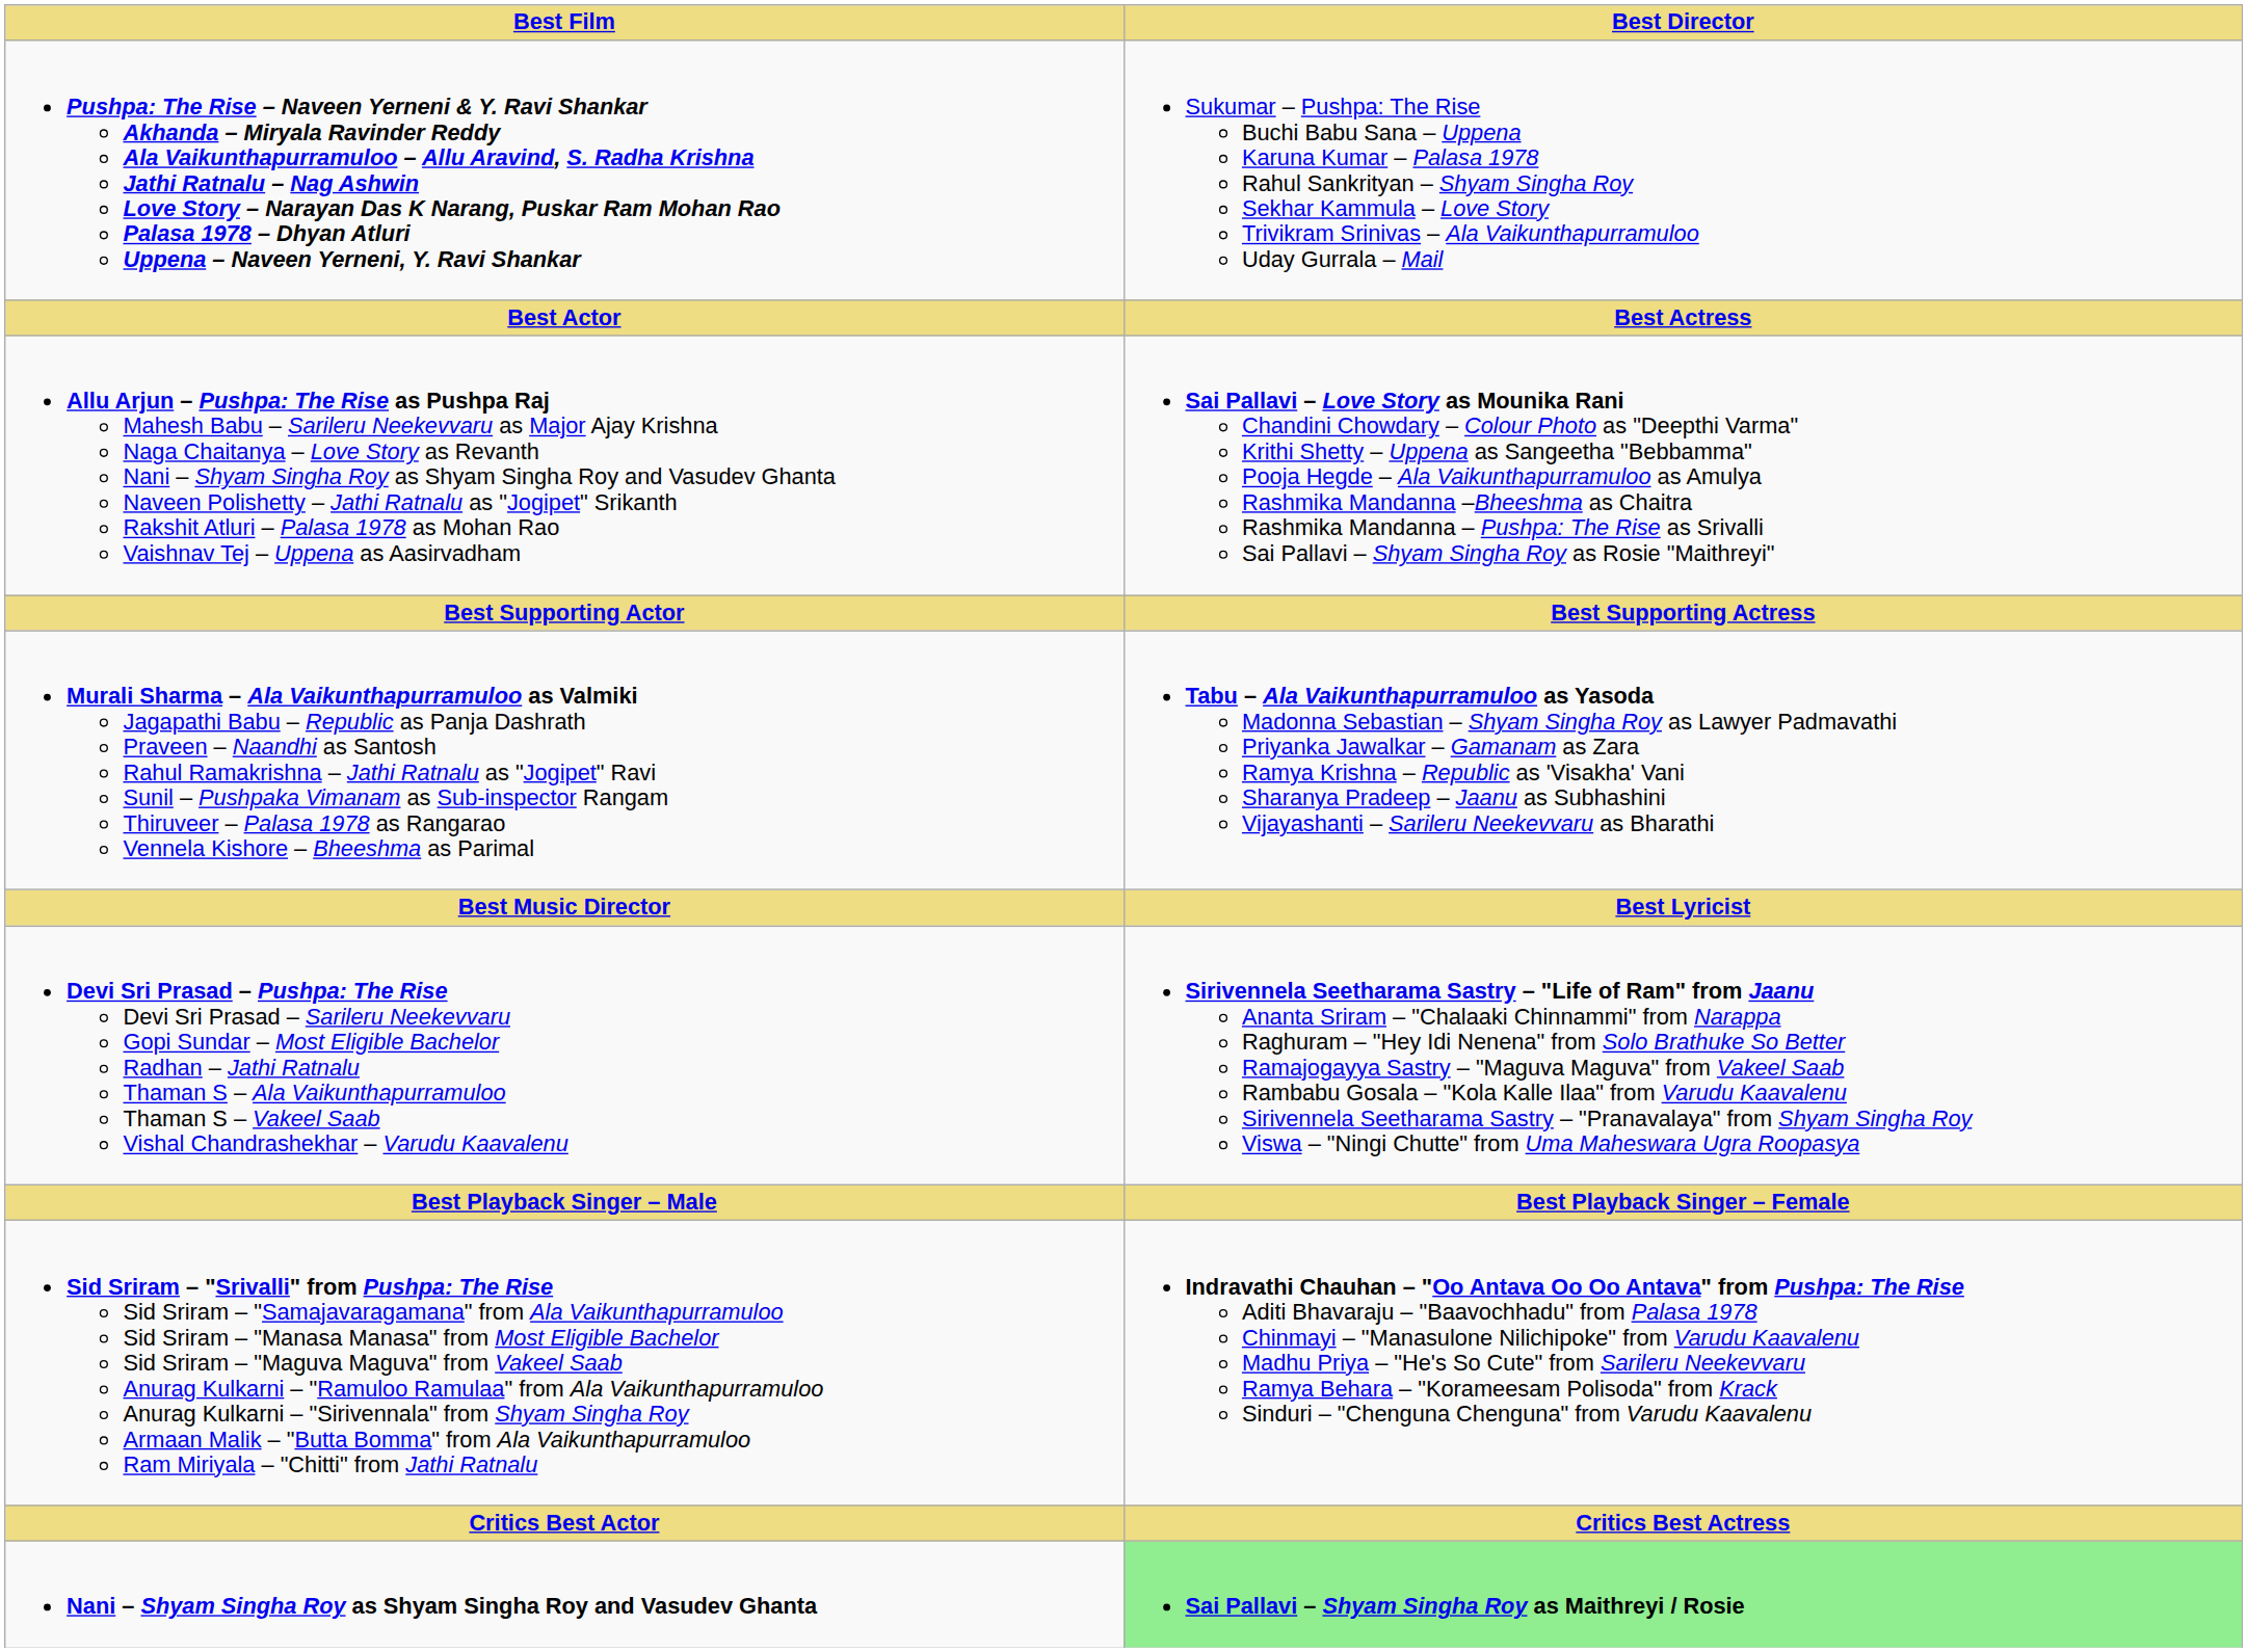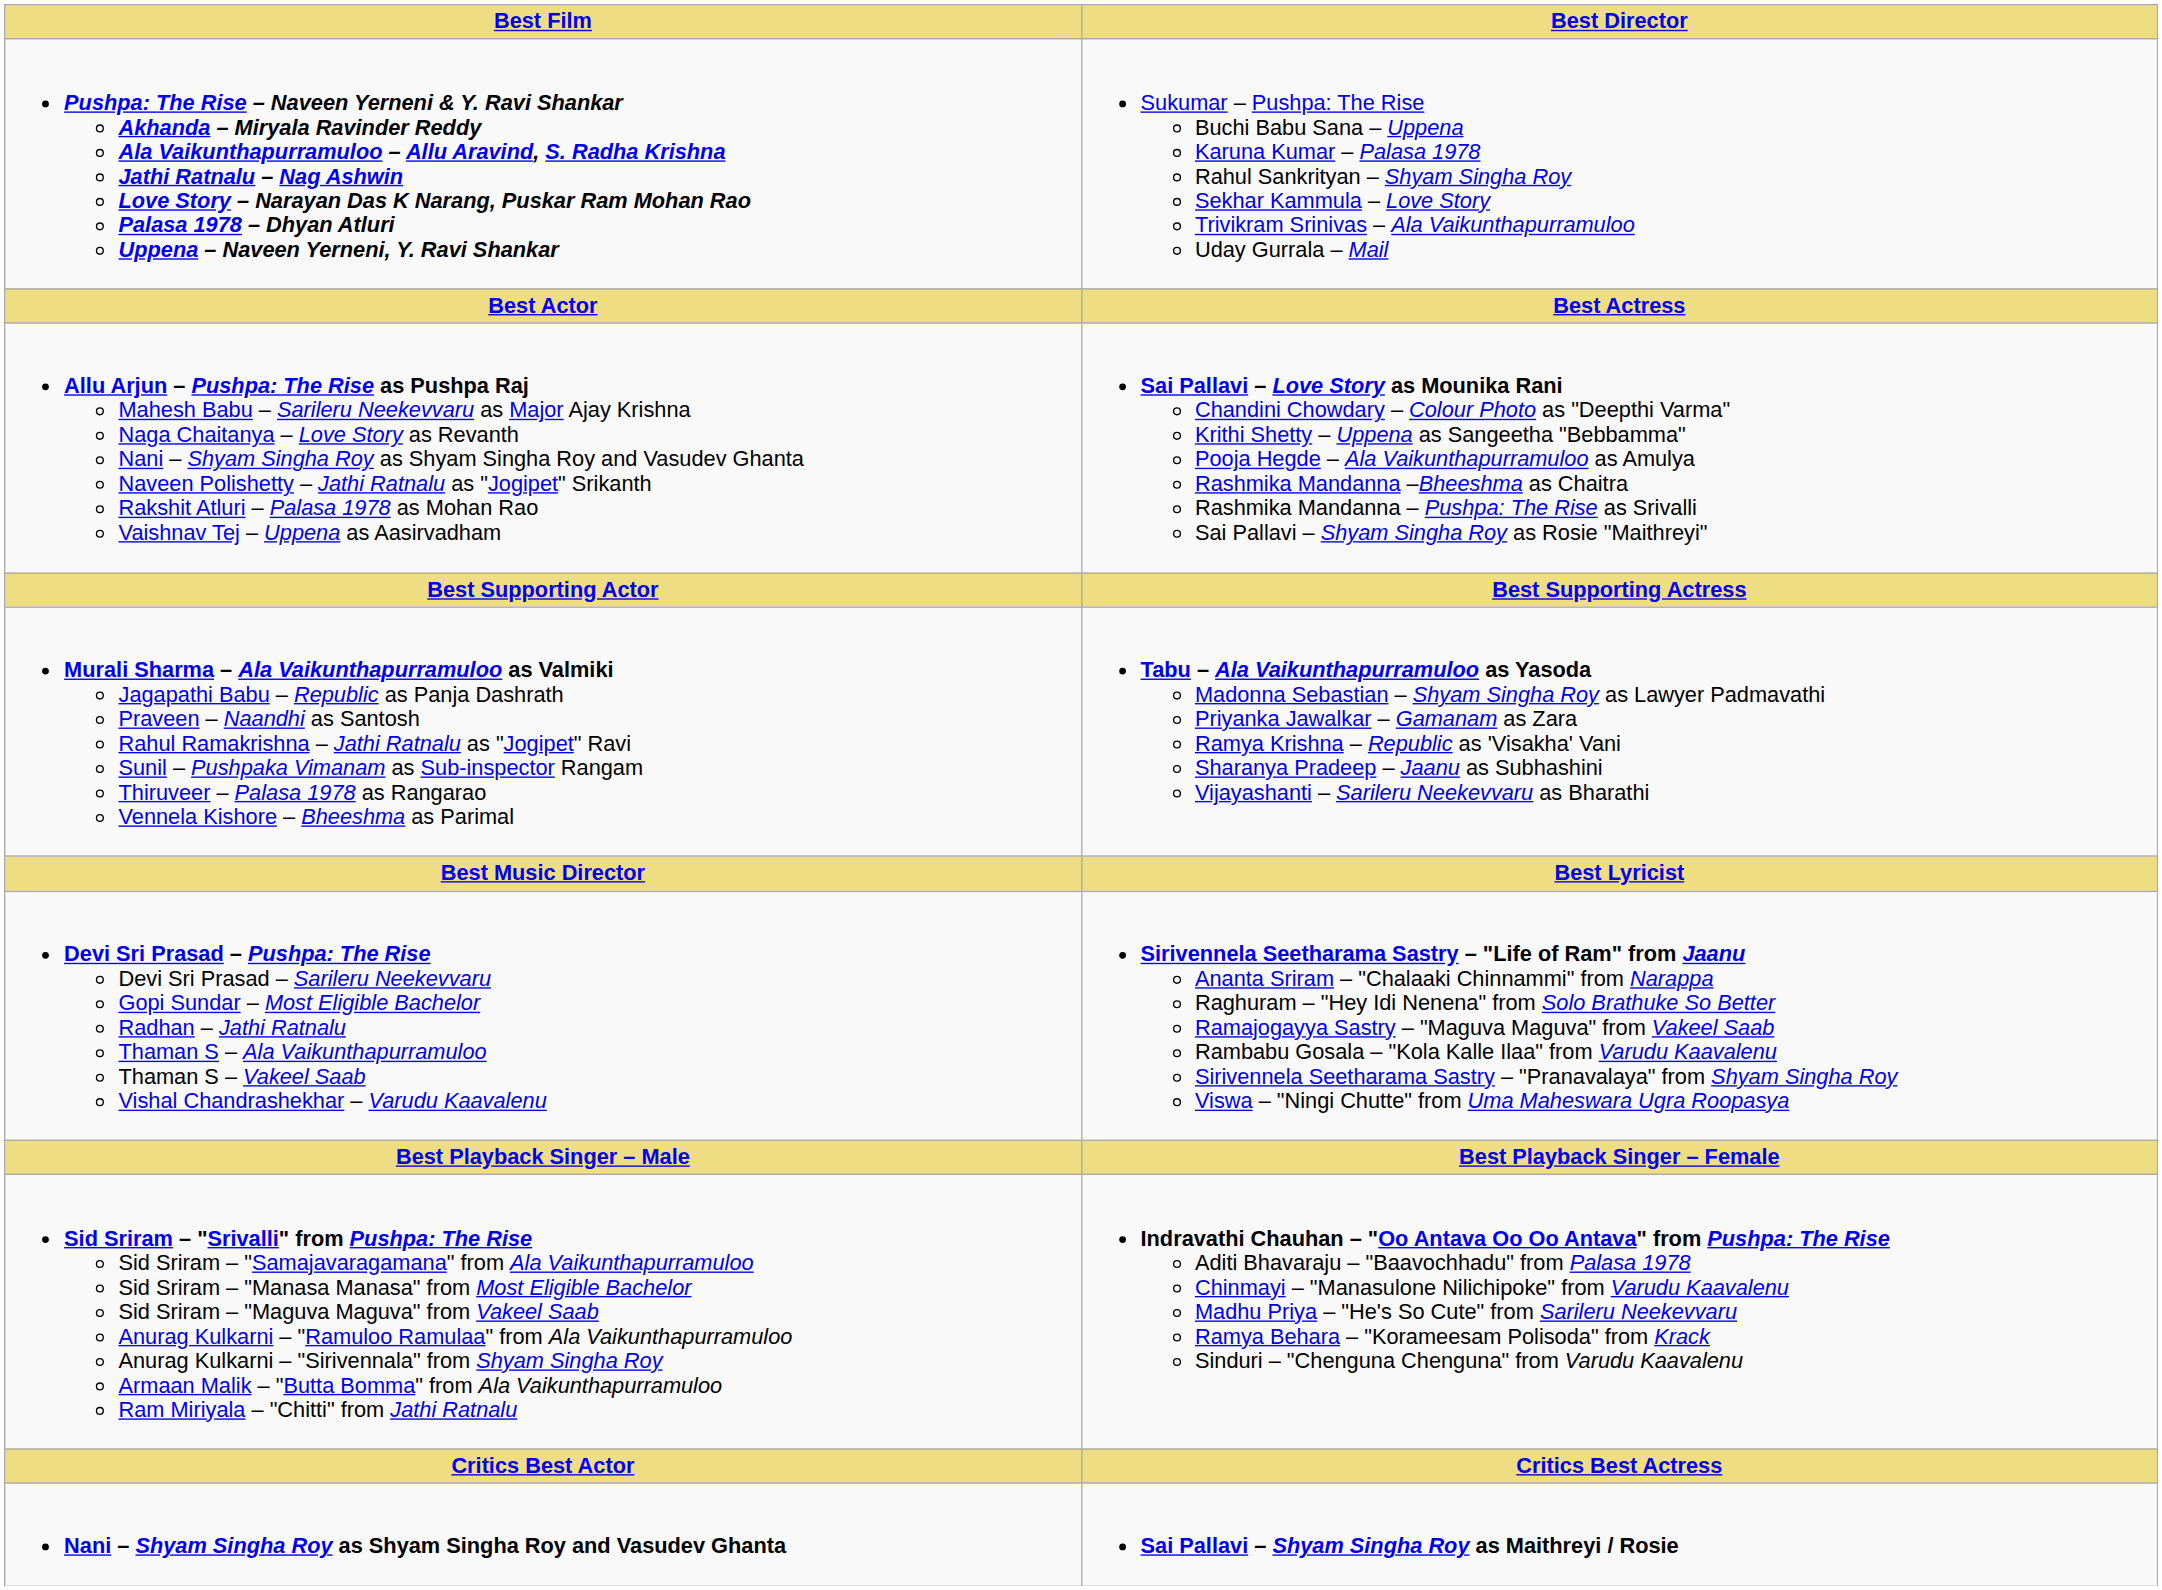 <table class="wikitable" width=100% |>
 <tr>
 <th ! style="background:#eedd82; text-align:center; width:50%;"><a href='#'>Best Film</a></th>
 <th ! style="background:#eedd82; text-align:center; width:50%;"><a href='#'>Best Director</a></th>
 </tr>
 <tr>
 <td valign="top"><br><ul><li><strong><em><a href='#'>Pushpa: The Rise</a><em> – Naveen Yerneni & Y. Ravi Shankar<strong><ul><li></em><a href='#'>Akhanda</a><em> – Miryala Ravinder Reddy</li><li></em><a href='#'>Ala Vaikunthapurramuloo</a><em> – <a href='#'>Allu Aravind</a>, <a href='#'>S. Radha Krishna</a></li><li></em><a href='#'>Jathi Ratnalu</a><em> – <a href='#'>Nag Ashwin</a></li><li><a href='#'></em>Love Story<em></a> – Narayan Das K Narang, Puskar Ram Mohan Rao</li><li></em><a href='#'>Palasa 1978</a><em> – Dhyan Atluri</li><li></em><a href='#'>Uppena</a><em> – Naveen Yerneni, Y. Ravi Shankar</li></ul></li></ul></td>
 <td valign="top"><br><ul><li></strong><a href='#'>Sukumar</a> – </em><a href='#'>Pushpa: The Rise</a></em></strong><ul><li>Buchi Babu Sana – <em><a href='#'>Uppena</a></em></li><li><a href='#'>Karuna Kumar</a> – <em><a href='#'>Palasa 1978</a></em></li><li>Rahul Sankrityan – <em><a href='#'>Shyam Singha Roy</a></em></li><li><a href='#'>Sekhar Kammula</a> – <a href='#'><em>Love Story</em></a></li><li><a href='#'>Trivikram Srinivas</a> – <em><a href='#'>Ala Vaikunthapurramuloo</a></em></li><li>Uday Gurrala – <a href='#'><em>Mail</em></a></li></ul></li></ul></td>
 </tr>
 <tr>
 <th ! style="background:#eedd82; text-align:center;"><a href='#'>Best Actor</a></th>
 <th ! style="background:#eedd82; text-align:center;"><a href='#'>Best Actress</a></th>
 </tr>
 <tr>
 <td valign="top"><br><ul><li><strong><a href='#'>Allu Arjun</a> – <em><a href='#'>Pushpa: The Rise</a></em> as Pushpa Raj</strong><ul><li><a href='#'>Mahesh Babu</a> – <em><a href='#'>Sarileru Neekevvaru</a></em> as <a href='#'>Major</a> Ajay Krishna</li><li><a href='#'>Naga Chaitanya</a> – <a href='#'><em>Love Story</em></a> as Revanth</li><li><a href='#'>Nani</a> – <em><a href='#'>Shyam Singha Roy</a></em> as Shyam Singha Roy and Vasudev Ghanta</li><li><a href='#'>Naveen Polishetty</a> – <em><a href='#'>Jathi Ratnalu</a></em> as "<a href='#'>Jogipet</a>" Srikanth</li><li><a href='#'>Rakshit Atluri</a> – <em><a href='#'>Palasa 1978</a></em> as Mohan Rao</li><li><a href='#'>Vaishnav Tej</a> – <em><a href='#'>Uppena</a></em> as Aasirvadham</li></ul></li></ul></td>
 <td valign="top"><br><ul><li><strong><a href='#'>Sai Pallavi</a> – <a href='#'><em>Love Story</em></a> as Mounika Rani</strong><ul><li><a href='#'>Chandini Chowdary</a> – <em><a href='#'>Colour Photo</a></em> as "Deepthi Varma"</li><li><a href='#'>Krithi Shetty</a> – <em><a href='#'>Uppena</a></em> as Sangeetha "Bebbamma"</li><li><a href='#'>Pooja Hegde</a> – <em><a href='#'>Ala Vaikunthapurramuloo</a></em> as Amulya</li><li><a href='#'>Rashmika Mandanna</a> –<a href='#'><em>Bheeshma</em></a> as Chaitra</li><li>Rashmika Mandanna – <em><a href='#'>Pushpa: The Rise</a></em> as Srivalli</li><li>Sai Pallavi – <em><a href='#'>Shyam Singha Roy</a></em> as Rosie "Maithreyi"</li></ul></li></ul></td>
 </tr>
 <tr>
 <th ! style="background:#eedd82; text-align:center;"><a href='#'>Best Supporting Actor</a></th>
 <th ! style="background:#eedd82; text-align:center;"><a href='#'>Best Supporting Actress</a></th>
 </tr>
 <tr>
 <td valign="top"><br><ul><li><strong><a href='#'>Murali Sharma</a></strong> <strong>– <em><a href='#'>Ala Vaikunthapurramuloo</a></em> as Valmiki</strong><ul><li><a href='#'>Jagapathi Babu</a> – <a href='#'><em>Republic</em></a> as Panja Dashrath</li><li><a href='#'>Praveen</a> – <em><a href='#'>Naandhi</a></em> as Santosh</li><li><a href='#'>Rahul Ramakrishna</a> – <em><a href='#'>Jathi Ratnalu</a></em> as "<a href='#'>Jogipet</a>" Ravi</li><li><a href='#'>Sunil</a> – <em><a href='#'>Pushpaka Vimanam</a></em> as <a href='#'>Sub-inspector</a> Rangam</li><li><a href='#'>Thiruveer</a> – <em><a href='#'>Palasa 1978</a></em> as Rangarao</li><li><a href='#'>Vennela Kishore</a> – <a href='#'><em>Bheeshma</em></a> as Parimal</li></ul></li></ul></td>
 <td valign="top"><br><ul><li><a href='#'><strong>Tabu</strong></a> <strong>– <em><a href='#'>Ala Vaikunthapurramuloo</a></em> as Yasoda</strong><ul><li><a href='#'>Madonna Sebastian</a> – <em><a href='#'>Shyam Singha Roy</a></em> as Lawyer Padmavathi</li><li><a href='#'>Priyanka Jawalkar</a> – <a href='#'><em>Gamanam</em></a> as Zara</li><li><a href='#'>Ramya Krishna</a> – <a href='#'><em>Republic</em></a> as 'Visakha' Vani</li><li><a href='#'>Sharanya Pradeep</a> – <a href='#'><em>Jaanu</em></a> as Subhashini</li><li><a href='#'>Vijayashanti</a> – <em><a href='#'>Sarileru Neekevvaru</a></em> as Bharathi</li></ul></li></ul></td>
 </tr>
 <tr>
 <th ! style="background:#eedd82; text-align:center;"><a href='#'>Best Music Director</a></th>
 <th ! style="background:#eedd82; text-align:center;"><a href='#'>Best Lyricist</a></th>
 </tr>
 <tr>
 <td valign="top"><br><ul><li><strong><a href='#'>Devi Sri Prasad</a></strong> <strong>– <a href='#'><em>Pushpa: The Rise</em></a></strong><ul><li>Devi Sri Prasad – <em><a href='#'>Sarileru Neekevvaru</a></em></li><li><a href='#'>Gopi Sundar</a> – <em><a href='#'>Most Eligible Bachelor</a></em></li><li><a href='#'>Radhan</a> – <em><a href='#'>Jathi Ratnalu</a></em></li><li><a href='#'>Thaman S</a> – <a href='#'><em>Ala Vaikunthapurramuloo</em></a></li><li>Thaman S – <em><a href='#'>Vakeel Saab</a></em></li><li><a href='#'>Vishal Chandrashekhar</a> – <em><a href='#'>Varudu Kaavalenu</a></em></li></ul></li></ul></td>
 <td valign="top"><br><ul><li><strong><a href='#'>Sirivennela Seetharama Sastry</a></strong> <strong>– "Life of Ram" from <a href='#'><em>Jaanu</em></a></strong><ul><li><a href='#'>Ananta Sriram</a> – "Chalaaki Chinnammi" from <em><a href='#'>Narappa</a></em></li><li>Raghuram – "Hey Idi Nenena" from <em><a href='#'>Solo Brathuke So Better</a></em></li><li><a href='#'>Ramajogayya Sastry</a> – "Maguva Maguva" from <em><a href='#'>Vakeel Saab</a></em></li><li>Rambabu Gosala – "Kola Kalle Ilaa" from <em><a href='#'>Varudu Kaavalenu</a></em></li><li><a href='#'>Sirivennela Seetharama Sastry</a> – "Pranavalaya" from <em><a href='#'>Shyam Singha Roy</a></em></li><li><a href='#'>Viswa</a> – "Ningi Chutte" from <em><a href='#'>Uma Maheswara Ugra Roopasya</a></em></li></ul></li></ul></td>
 </tr>
 <tr>
 <th ! style="background:#eedd82; text-align:center;"><a href='#'>Best Playback Singer – Male</a></th>
 <th ! style="background:#eedd82; text-align:center;"><a href='#'>Best Playback Singer – Female</a></th>
 </tr>
 <tr>
 <td valign="top"><br><ul><li><strong><a href='#'>Sid Sriram</a></strong> <strong>– "<a href='#'>Srivalli</a>" from <a href='#'><em>Pushpa: The Rise</em></a></strong><ul><li>Sid Sriram – "<a href='#'>Samajavaragamana</a>" from <a href='#'><em>Ala Vaikunthapurramuloo</em></a></li><li>Sid Sriram – "Manasa Manasa" from <em><a href='#'>Most Eligible Bachelor</a></em></li><li>Sid Sriram – "Maguva Maguva" from <em><a href='#'>Vakeel Saab</a></em></li><li><a href='#'>Anurag Kulkarni</a> – "<a href='#'>Ramuloo Ramulaa</a>" from <em>Ala Vaikunthapurramuloo</em></li><li>Anurag Kulkarni – "Sirivennala" from <em><a href='#'>Shyam Singha Roy</a></em></li><li><a href='#'>Armaan Malik</a> – "<a href='#'>Butta Bomma</a>" from <em>Ala Vaikunthapurramuloo</em></li><li><a href='#'>Ram Miriyala</a> – "Chitti" from <em><a href='#'>Jathi Ratnalu</a></em></li></ul></li></ul></td>
 <td valign="top"><br><ul><li><strong>Indravathi Chauhan</strong> <strong>– "<a href='#'>Oo Antava Oo Oo Antava</a>" from <a href='#'><em>Pushpa: The Rise</em></a></strong><ul><li>Aditi Bhavaraju – "Baavochhadu" from <em><a href='#'>Palasa 1978</a></em></li><li><a href='#'>Chinmayi</a> – "Manasulone Nilichipoke" from <em><a href='#'>Varudu Kaavalenu</a></em></li><li><a href='#'>Madhu Priya</a> – "He's So Cute" from <em><a href='#'>Sarileru Neekevvaru</a></em></li><li><a href='#'>Ramya Behara</a> – "Korameesam Polisoda" from <a href='#'><em>Krack</em></a></li><li>Sinduri – "Chenguna Chenguna" from <em>Varudu Kaavalenu</em></li></ul></li></ul></td>
 </tr>
 <tr>
 <th ! style="background:#eedd82; text-align:center;"><a href='#'>Critics Best Actor</a></th>
 <th ! style="background:#eedd82; text-align:center;"><a href='#'><strong>Critics Best Actress</strong></a></th>
 </tr>
 <tr>
 <td><br><ul><li><strong><a href='#'>Nani</a> – <em><a href='#'>Shyam Singha Roy</a></em> as Shyam Singha Roy and Vasudev Ghanta</strong></li></ul></td>
-<td style="background: lightgreen;"><br><ul><li><strong><a href='#'>Sai Pallavi</a> – <em><a href='#'>Shyam Singha Roy</a></em> as Maithreyi / Rosie</strong></li></ul></td>
+<td><br><ul><li><strong><a href='#'>Sai Pallavi</a> – <em><a href='#'>Shyam Singha Roy</a></em> as Maithreyi / Rosie</strong></li></ul></td>
 </tr>
 </table>
